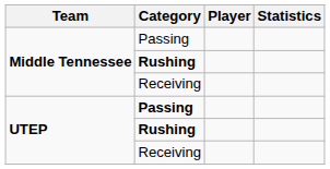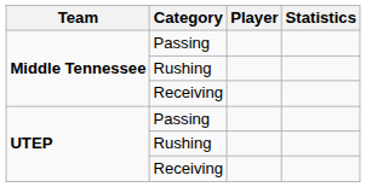 <table class="wikitable" style="float: right;">
 <tr>
 <th>Team</th>
 <th>Category</th>
 <th>Player</th>
 <th>Statistics</th>
 </tr>
 <tr>
 <td rowspan=3><strong>Middle Tennessee</strong></td>
 <td>Passing</td>
 <td></td>
 <td></td>
 </tr>
 <tr>
-<td><strong>Rushing</strong></td>
+<td>Rushing</td>
 <td></td>
 <td></td>
 </tr>
 <tr>
 <td>Receiving</td>
 <td></td>
 <td></td>
 </tr>
 <tr>
 <td rowspan=3><strong>UTEP</strong></td>
-<td><strong>Passing</strong></td>
+<td>Passing</td>
 <td></td>
 <td></td>
 </tr>
 <tr>
-<td><strong>Rushing</strong></td>
+<td>Rushing</td>
 <td></td>
 <td></td>
 </tr>
 <tr>
 <td>Receiving</td>
 <td></td>
 <td></td>
 </tr>
 </table>
